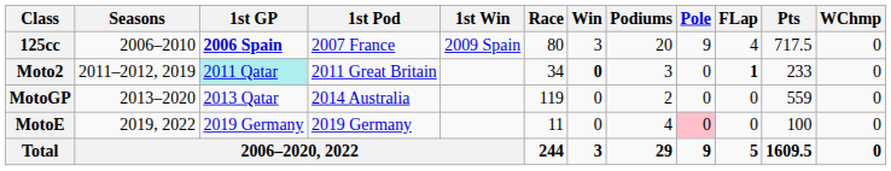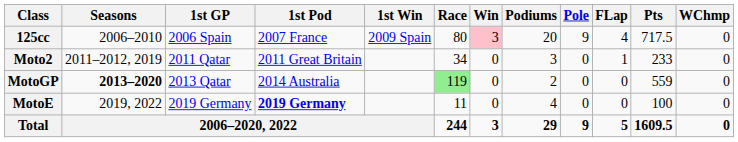 <table class="wikitable" style="font-size:100%; text-align:right;">
 <tr>
 <th>Class</th>
 <th>Seasons</th>
 <th>1st GP</th>
 <th>1st Pod</th>
 <th>1st Win</th>
 <th>Race</th>
 <th>Win</th>
 <th>Podiums</th>
 <th><a href='#'>Pole</a></th>
 <th>FLap</th>
 <th>Pts</th>
 <th>WChmp</th>
 </tr>
 <tr align="right">
 <th>125cc</th>
 <td>2006–2010</td>
-<td align="left"><strong><a href='#'>2006 Spain</a></strong></td>
+<td align="left"><a href='#'>2006 Spain</a></td>
 <td align="left"><a href='#'>2007 France</a></td>
 <td align="left"><a href='#'>2009 Spain</a></td>
 <td>80</td>
-<td>3</td>
+<td style="background: pink;">3</td>
 <td>20</td>
 <td>9</td>
 <td>4</td>
 <td>717.5</td>
 <td>0</td>
 </tr>
 <tr align="right">
 <th>Moto2</th>
 <td>2011–2012, 2019</td>
-<td align="left" style="background: paleturquoise;"><a href='#'>2011 Qatar</a></td>
+<td align="left"><a href='#'>2011 Qatar</a></td>
 <td align="left"><a href='#'>2011 Great Britain</a></td>
 <td align="left"></td>
 <td>34</td>
-<td><strong>0</strong></td>
+<td>0</td>
 <td>3</td>
 <td>0</td>
-<td><strong>1</strong></td>
+<td>1</td>
 <td>233</td>
 <td>0</td>
 </tr>
 <tr align="right">
 <th>MotoGP</th>
-<td>2013–2020</td>
+<td><strong>2013–2020</strong></td>
 <td align="left"><a href='#'>2013 Qatar</a></td>
 <td align="left"><a href='#'>2014 Australia</a></td>
 <td align="left"></td>
-<td>119</td>
+<td style="background: lightgreen;">119</td>
 <td>0</td>
 <td>2</td>
 <td>0</td>
 <td>0</td>
 <td>559</td>
 <td>0</td>
 </tr>
 <tr align="right">
 <th>MotoE</th>
 <td>2019, 2022</td>
 <td align="left"><a href='#'>2019 Germany</a></td>
-<td align="left"><a href='#'>2019 Germany</a></td>
+<td align="left"><strong><a href='#'>2019 Germany</a></strong></td>
 <td align="left"></td>
 <td>11</td>
 <td>0</td>
 <td>4</td>
-<td style="background: pink;">0</td>
+<td>0</td>
 <td>0</td>
 <td>100</td>
 <td>0</td>
 </tr>
 <tr>
 <th>Total</th>
 <th colspan=4>2006–2020, 2022</th>
 <td><strong>244</strong></td>
 <td><strong>3</strong></td>
 <td><strong>29</strong></td>
 <td><strong>9</strong></td>
 <td><strong>5</strong></td>
 <td><strong>1609.5</strong></td>
 <td><strong>0</strong></td>
 </tr>
 </table>
